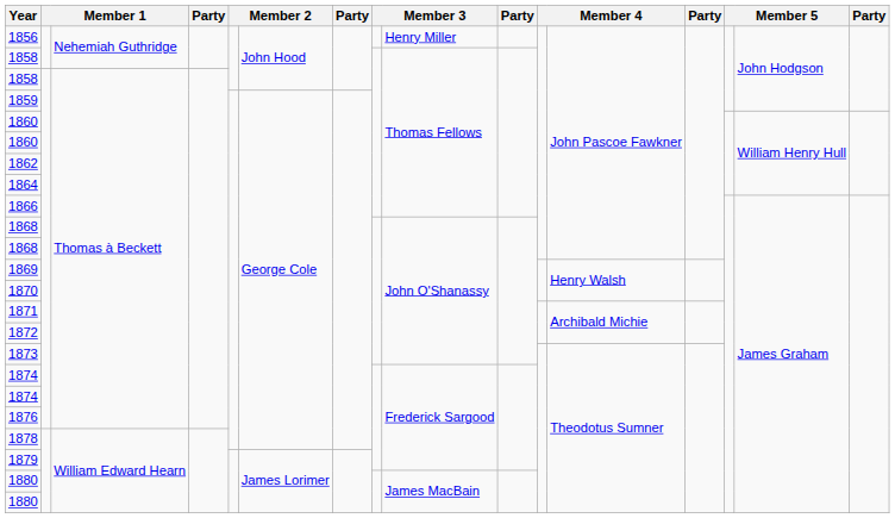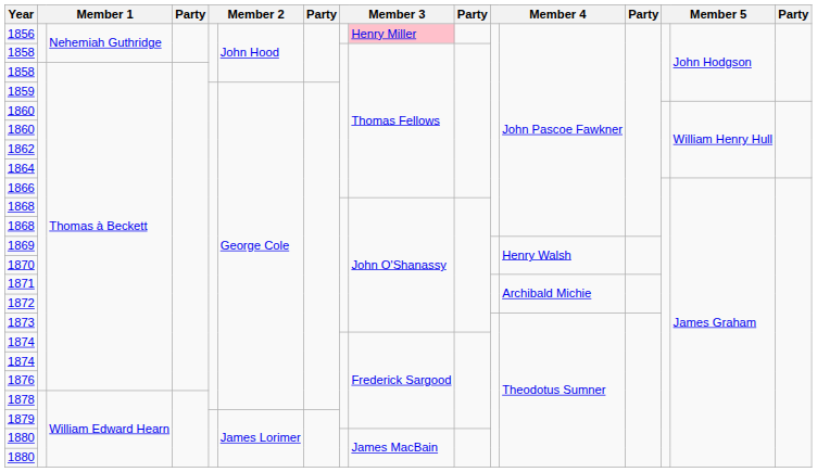 <table class="wikitable">
 <tr>
 <th>Year</th>
 <th colspan=2>Member 1</th>
 <th>Party</th>
 <th colspan=2>Member 2</th>
 <th>Party</th>
 <th colspan=2>Member 3</th>
 <th>Party</th>
 <th colspan=2>Member 4</th>
 <th>Party</th>
 <th colspan=2>Member 5</th>
 <th>Party</th>
 </tr>
 <tr>
 <td><a href='#'>1856</a></td>
 <td rowspan=2 > </td>
 <td rowspan=2><a href='#'>Nehemiah Guthridge</a></td>
 <td rowspan=2> </td>
 <td rowspan=3 > </td>
 <td rowspan=3><a href='#'>John Hood</a></td>
 <td rowspan=3> </td>
 <td> </td>
-<td><a href='#'>Henry Miller</a></td>
+<td style="background: pink;"><a href='#'>Henry Miller</a></td>
 <td> </td>
 <td rowspan=11 > </td>
 <td rowspan=11><a href='#'>John Pascoe Fawkner</a></td>
 <td rowspan=11> </td>
 <td rowspan=4 > </td>
 <td rowspan=4><a href='#'>John Hodgson</a></td>
 <td rowspan=4> </td>
 </tr>
 <tr>
 <td><a href='#'>1858</a></td>
 <td rowspan=8 > </td>
 <td rowspan=8><a href='#'>Thomas Fellows</a></td>
 <td rowspan=8> </td>
 </tr>
 <tr>
 <td><a href='#'>1858</a></td>
 <td rowspan=17 > </td>
 <td rowspan=17><a href='#'>Thomas à Beckett</a></td>
 <td rowspan=17> </td>
 </tr>
 <tr>
 <td><a href='#'>1859</a></td>
 <td rowspan=17 > </td>
 <td rowspan=17><a href='#'>George Cole</a></td>
 <td rowspan=17> </td>
 </tr>
 <tr>
 <td><a href='#'>1860</a></td>
 <td rowspan=4 > </td>
 <td rowspan=4><a href='#'>William Henry Hull</a></td>
 <td rowspan=4> </td>
 </tr>
 <tr>
 <td><a href='#'>1860</a></td>
 </tr>
 <tr>
 <td><a href='#'>1862</a></td>
 </tr>
 <tr>
 <td><a href='#'>1864</a></td>
 </tr>
 <tr>
 <td><a href='#'>1866</a></td>
 <td rowspan=15 > </td>
 <td rowspan=15><a href='#'>James Graham</a></td>
 <td rowspan=15> </td>
 </tr>
 <tr>
 <td><a href='#'>1868</a></td>
 <td rowspan=7 > </td>
 <td rowspan=7><a href='#'>John O'Shanassy</a></td>
 <td rowspan=7> </td>
 </tr>
 <tr>
 <td><a href='#'>1868</a></td>
 </tr>
 <tr>
 <td><a href='#'>1869</a></td>
 <td rowspan=2 > </td>
 <td rowspan=2><a href='#'>Henry Walsh</a></td>
 <td rowspan=2> </td>
 </tr>
 <tr>
 <td><a href='#'>1870</a></td>
 </tr>
 <tr>
 <td><a href='#'>1871</a></td>
 <td rowspan=2 > </td>
 <td rowspan=2><a href='#'>Archibald Michie</a></td>
 <td rowspan=2> </td>
 </tr>
 <tr>
 <td><a href='#'>1872</a></td>
 </tr>
 <tr>
 <td><a href='#'>1873</a></td>
 <td rowspan=8 > </td>
 <td rowspan=8><a href='#'>Theodotus Sumner</a></td>
 <td rowspan=8> </td>
 </tr>
 <tr>
 <td><a href='#'>1874</a></td>
 <td rowspan=5 > </td>
 <td rowspan=5><a href='#'>Frederick Sargood</a></td>
 <td rowspan=5> </td>
 </tr>
 <tr>
 <td><a href='#'>1874</a></td>
 </tr>
 <tr>
 <td><a href='#'>1876</a></td>
 </tr>
 <tr>
 <td><a href='#'>1878</a></td>
 <td rowspan=4 > </td>
 <td rowspan=4><a href='#'>William Edward Hearn</a></td>
 <td rowspan=4> </td>
 </tr>
 <tr>
 <td><a href='#'>1879</a></td>
 <td rowspan=3 > </td>
 <td rowspan=3><a href='#'>James Lorimer</a></td>
 <td rowspan=3> </td>
 </tr>
 <tr>
 <td><a href='#'>1880</a></td>
 <td rowspan=2 > </td>
 <td rowspan=2><a href='#'>James MacBain</a></td>
 <td rowspan=2> </td>
 </tr>
 <tr>
 <td><a href='#'>1880</a></td>
 </tr>
 </table>
